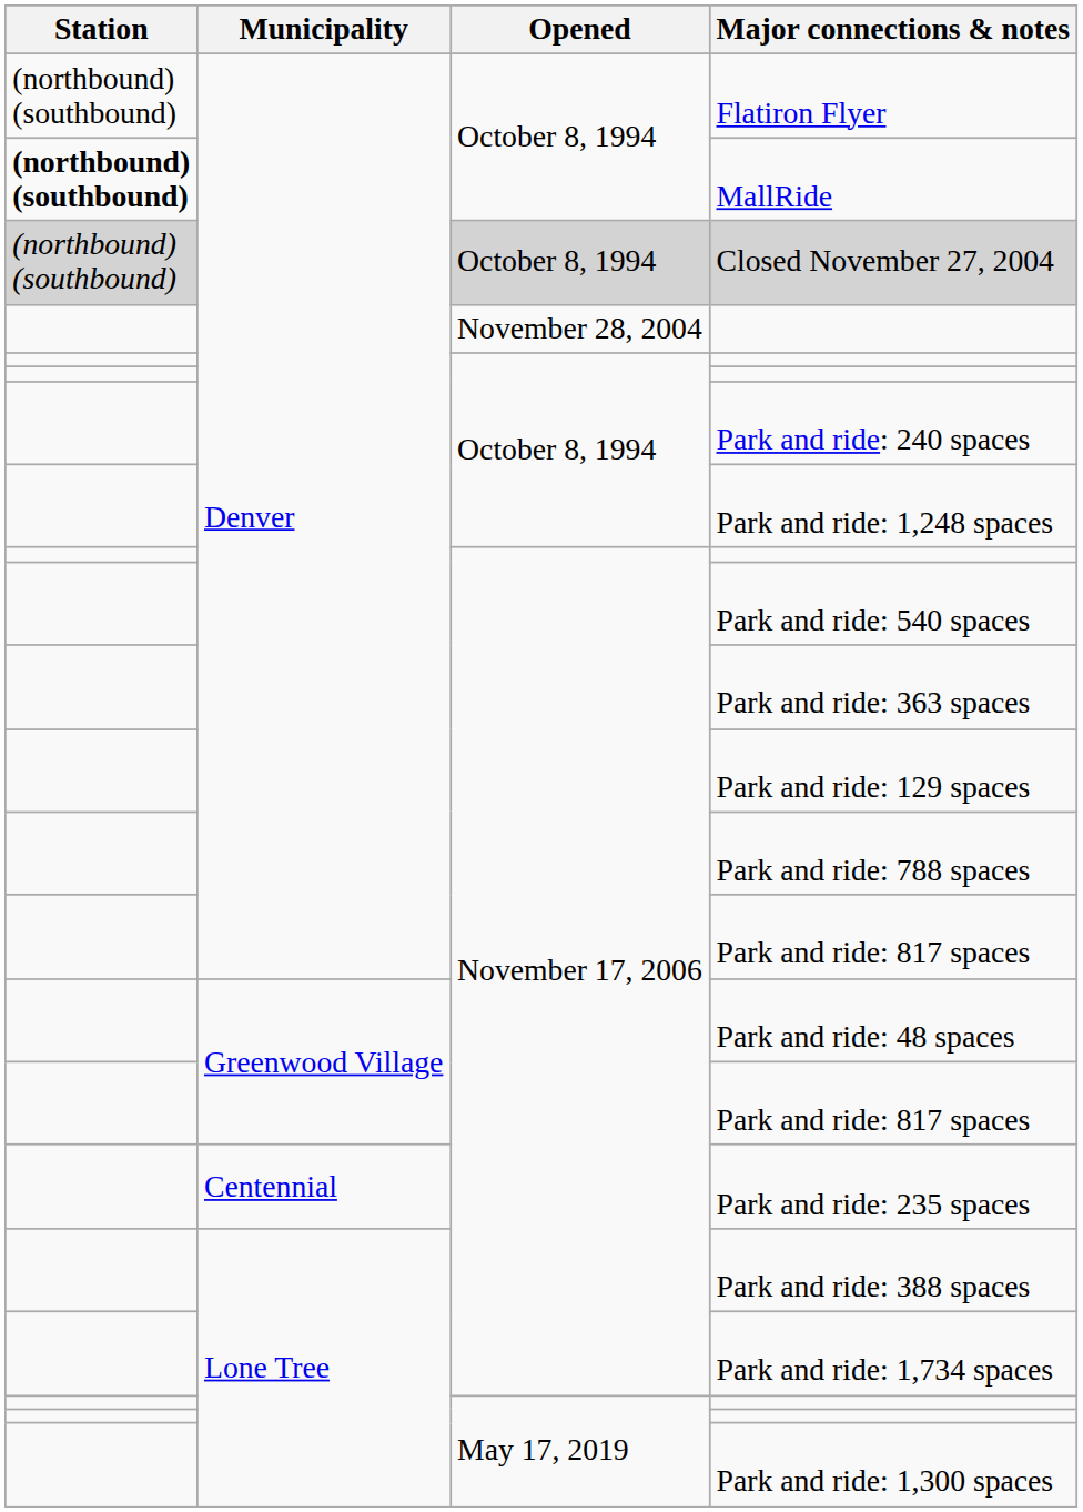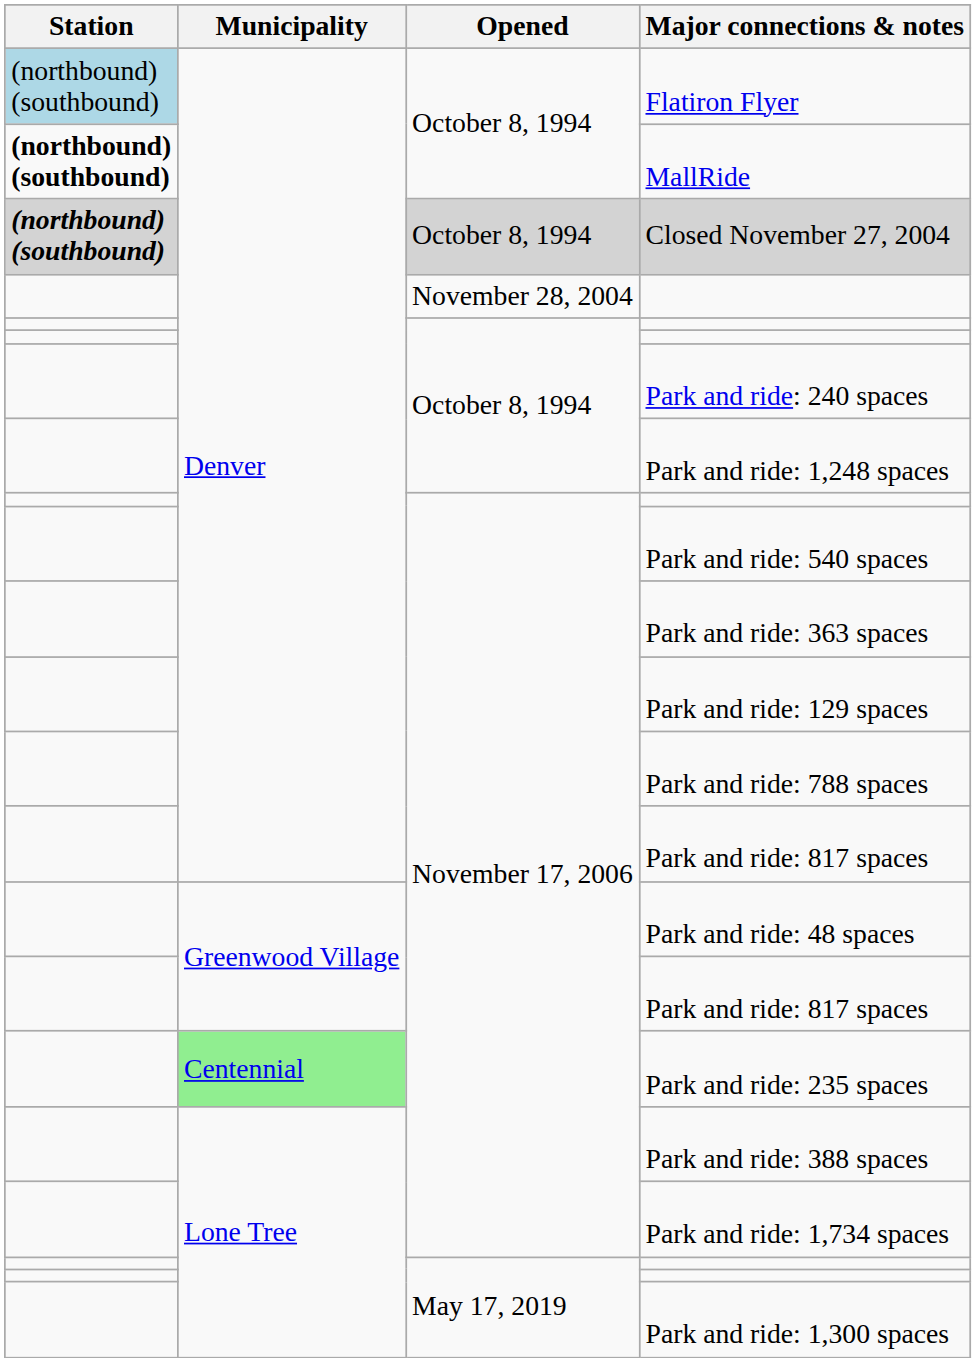 <table class="wikitable">
 <tr>
 <th>Station</th>
 <th>Municipality</th>
 <th>Opened</th>
 <th>Major connections & notes</th>
 </tr>
 <tr>
-<td> (northbound)<br> (southbound)</td>
+<td style="background: lightblue;"> (northbound)<br> (southbound)</td>
 <td rowspan="14"><a href='#'>Denver</a></td>
 <td rowspan="2">October 8, 1994</td>
 <td> <br> <a href='#'>Flatiron Flyer</a></td>
 </tr>
 <tr>
 <td><strong> (northbound)<br> (southbound)</strong></td>
 <td> <br> <a href='#'>MallRide</a></td>
 </tr>
 <tr bgcolor="lightgray">
-<td><em> (northbound)<br> (southbound)</em></td>
+<td><strong><em> (northbound)<br> (southbound)</em></strong></td>
 <td>October 8, 1994</td>
 <td>Closed November 27, 2004</td>
 </tr>
 <tr>
 <td></td>
 <td>November 28, 2004</td>
 <td> </td>
 </tr>
 <tr>
 <td></td>
 <td rowspan="4">October 8, 1994</td>
 <td> </td>
 </tr>
 <tr>
 <td></td>
 <td> </td>
 </tr>
 <tr>
 <td></td>
 <td> <br><a href='#'>Park and ride</a>: 240 spaces</td>
 </tr>
 <tr>
 <td></td>
 <td> <br>Park and ride: 1,248 spaces</td>
 </tr>
 <tr>
 <td></td>
 <td rowspan="11">November 17, 2006</td>
 <td> </td>
 </tr>
 <tr>
 <td></td>
 <td> <br>Park and ride: 540 spaces</td>
 </tr>
 <tr>
 <td></td>
 <td> <br>Park and ride: 363 spaces</td>
 </tr>
 <tr>
 <td></td>
 <td> <br>Park and ride: 129 spaces</td>
 </tr>
 <tr>
 <td></td>
 <td> <br>Park and ride: 788 spaces</td>
 </tr>
 <tr>
 <td></td>
 <td> <br>Park and ride: 817 spaces</td>
 </tr>
 <tr>
 <td></td>
 <td rowspan="2"><a href='#'>Greenwood Village</a></td>
 <td> <br>Park and ride: 48 spaces</td>
 </tr>
 <tr>
 <td></td>
 <td> <br>Park and ride: 817 spaces</td>
 </tr>
 <tr>
 <td></td>
-<td><a href='#'>Centennial</a></td>
+<td style="background: lightgreen;"><a href='#'>Centennial</a></td>
 <td> <br>Park and ride: 235 spaces</td>
 </tr>
 <tr>
 <td></td>
 <td rowspan="5"><a href='#'>Lone Tree</a></td>
 <td> <br>Park and ride: 388 spaces</td>
 </tr>
 <tr>
 <td></td>
 <td> <br>Park and ride: 1,734 spaces</td>
 </tr>
 <tr>
 <td></td>
 <td rowspan="3">May 17, 2019</td>
 <td> </td>
 </tr>
 <tr>
 <td></td>
 <td> </td>
 </tr>
 <tr>
 <td></td>
 <td> <br>Park and ride: 1,300 spaces</td>
 </tr>
 </table>
